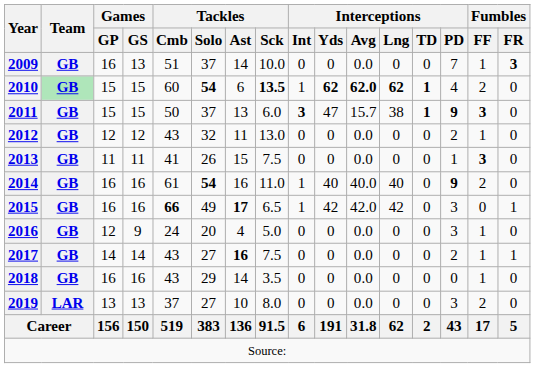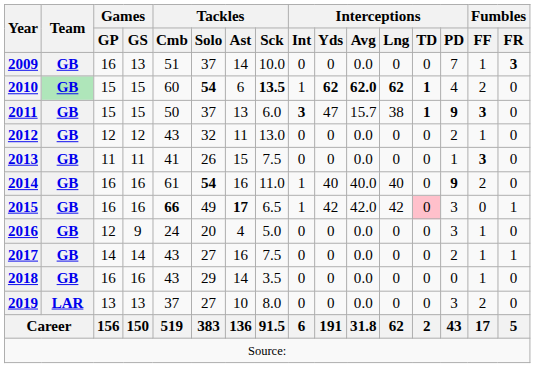 <table class=wikitable style="text-align:center;">
 <tr>
 <th rowspan="2">Year</th>
 <th rowspan="2">Team</th>
 <th colspan="2">Games</th>
 <th colspan="4">Tackles</th>
 <th colspan="6">Interceptions</th>
 <th colspan="2">Fumbles</th>
 </tr>
 <tr>
 <th>GP</th>
 <th>GS</th>
 <th>Cmb</th>
 <th>Solo</th>
 <th>Ast</th>
 <th>Sck</th>
 <th>Int</th>
 <th>Yds</th>
 <th>Avg</th>
 <th>Lng</th>
 <th>TD</th>
 <th>PD</th>
 <th>FF</th>
 <th>FR</th>
 </tr>
 <tr>
 <th><a href='#'>2009</a></th>
 <th><a href='#'>GB</a></th>
 <td>16</td>
 <td>13</td>
 <td>51</td>
 <td>37</td>
 <td>14</td>
 <td>10.0</td>
 <td>0</td>
 <td>0</td>
 <td>0.0</td>
 <td>0</td>
 <td>0</td>
 <td>7</td>
 <td>1</td>
 <td><strong>3</strong></td>
 </tr>
 <tr>
 <th><a href='#'>2010</a></th>
 <th style="background:#afe6ba; width:3em;"><a href='#'>GB</a></th>
 <td>15</td>
 <td>15</td>
 <td>60</td>
 <td><strong>54</strong></td>
 <td>6</td>
 <td><strong>13.5</strong></td>
 <td>1</td>
 <td><strong>62</strong></td>
 <td><strong>62.0</strong></td>
 <td><strong>62</strong></td>
 <td><strong>1</strong></td>
 <td>4</td>
 <td>2</td>
 <td>0</td>
 </tr>
 <tr>
 <th><a href='#'>2011</a></th>
 <th><a href='#'>GB</a></th>
 <td>15</td>
 <td>15</td>
 <td>50</td>
 <td>37</td>
 <td>13</td>
 <td>6.0</td>
 <td><strong>3</strong></td>
 <td>47</td>
 <td>15.7</td>
 <td>38</td>
 <td><strong>1</strong></td>
 <td><strong>9</strong></td>
 <td><strong>3</strong></td>
 <td>0</td>
 </tr>
 <tr>
 <th><a href='#'>2012</a></th>
 <th><a href='#'>GB</a></th>
 <td>12</td>
 <td>12</td>
 <td>43</td>
 <td>32</td>
 <td>11</td>
 <td>13.0</td>
 <td>0</td>
 <td>0</td>
 <td>0.0</td>
 <td>0</td>
 <td>0</td>
 <td>2</td>
 <td>1</td>
 <td>0</td>
 </tr>
 <tr>
 <th><a href='#'>2013</a></th>
 <th><a href='#'>GB</a></th>
 <td>11</td>
 <td>11</td>
 <td>41</td>
 <td>26</td>
 <td>15</td>
 <td>7.5</td>
 <td>0</td>
 <td>0</td>
 <td>0.0</td>
 <td>0</td>
 <td>0</td>
 <td>1</td>
 <td><strong>3</strong></td>
 <td>0</td>
 </tr>
 <tr>
 <th><a href='#'>2014</a></th>
 <th><a href='#'>GB</a></th>
 <td>16</td>
 <td>16</td>
 <td>61</td>
 <td><strong>54</strong></td>
 <td>16</td>
 <td>11.0</td>
 <td>1</td>
 <td>40</td>
 <td>40.0</td>
 <td>40</td>
 <td>0</td>
 <td><strong>9</strong></td>
 <td>2</td>
 <td>0</td>
 </tr>
 <tr>
 <th><a href='#'>2015</a></th>
 <th><a href='#'>GB</a></th>
 <td>16</td>
 <td>16</td>
 <td><strong>66</strong></td>
 <td>49</td>
 <td><strong>17</strong></td>
 <td>6.5</td>
 <td>1</td>
 <td>42</td>
 <td>42.0</td>
 <td>42</td>
-<td>0</td>
+<td style="background: pink;">0</td>
 <td>3</td>
 <td>0</td>
 <td>1</td>
 </tr>
 <tr>
 <th><a href='#'>2016</a></th>
 <th><a href='#'>GB</a></th>
 <td>12</td>
 <td>9</td>
 <td>24</td>
 <td>20</td>
 <td>4</td>
 <td>5.0</td>
 <td>0</td>
 <td>0</td>
 <td>0.0</td>
 <td>0</td>
 <td>0</td>
 <td>3</td>
 <td>1</td>
 <td>0</td>
 </tr>
 <tr>
 <th><a href='#'>2017</a></th>
 <th><a href='#'>GB</a></th>
 <td>14</td>
 <td>14</td>
 <td>43</td>
 <td>27</td>
-<td><strong>16</strong></td>
+<td>16</td>
 <td>7.5</td>
 <td>0</td>
 <td>0</td>
 <td>0.0</td>
 <td>0</td>
 <td>0</td>
 <td>2</td>
 <td>1</td>
 <td>1</td>
 </tr>
 <tr>
 <th><a href='#'>2018</a></th>
 <th><a href='#'>GB</a></th>
 <td>16</td>
 <td>16</td>
 <td>43</td>
 <td>29</td>
 <td>14</td>
 <td>3.5</td>
 <td>0</td>
 <td>0</td>
 <td>0.0</td>
 <td>0</td>
 <td>0</td>
 <td>0</td>
 <td>1</td>
 <td>0</td>
 </tr>
 <tr>
 <th><a href='#'>2019</a></th>
 <th><a href='#'>LAR</a></th>
 <td>13</td>
 <td>13</td>
 <td>37</td>
 <td>27</td>
 <td>10</td>
 <td>8.0</td>
 <td>0</td>
 <td>0</td>
 <td>0.0</td>
 <td>0</td>
 <td>0</td>
 <td>3</td>
 <td>2</td>
 <td>0</td>
 </tr>
 <tr>
 <th colspan="2">Career</th>
 <th>156</th>
 <th>150</th>
 <th>519</th>
 <th>383</th>
 <th>136</th>
 <th>91.5</th>
 <th>6</th>
 <th>191</th>
 <th>31.8</th>
 <th>62</th>
 <th>2</th>
 <th>43</th>
 <th>17</th>
 <th>5</th>
 </tr>
 <tr>
 <td colspan="16"><small>Source: </small></td>
 </tr>
 </table>
